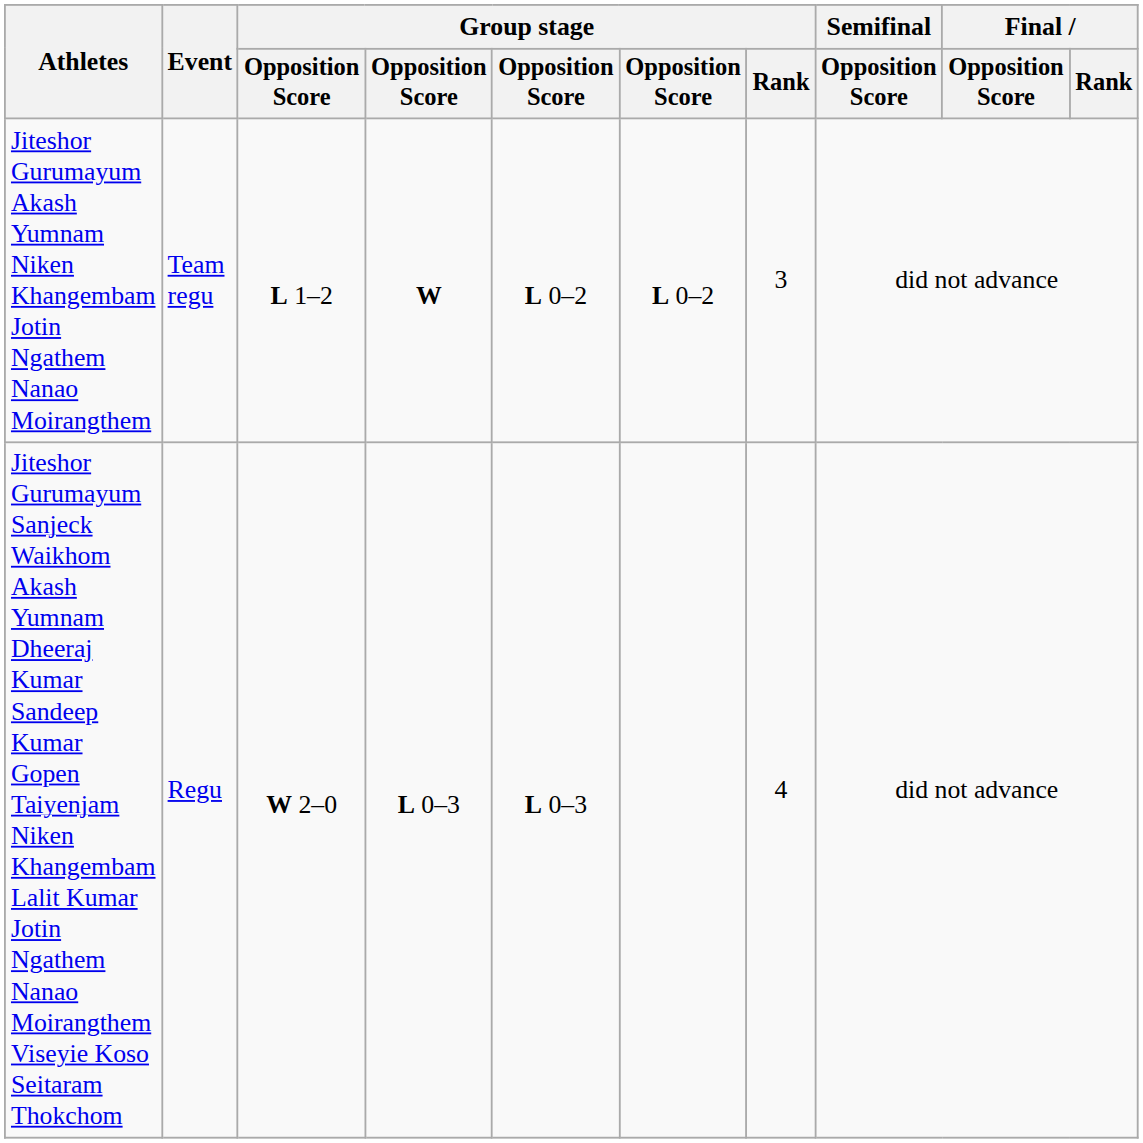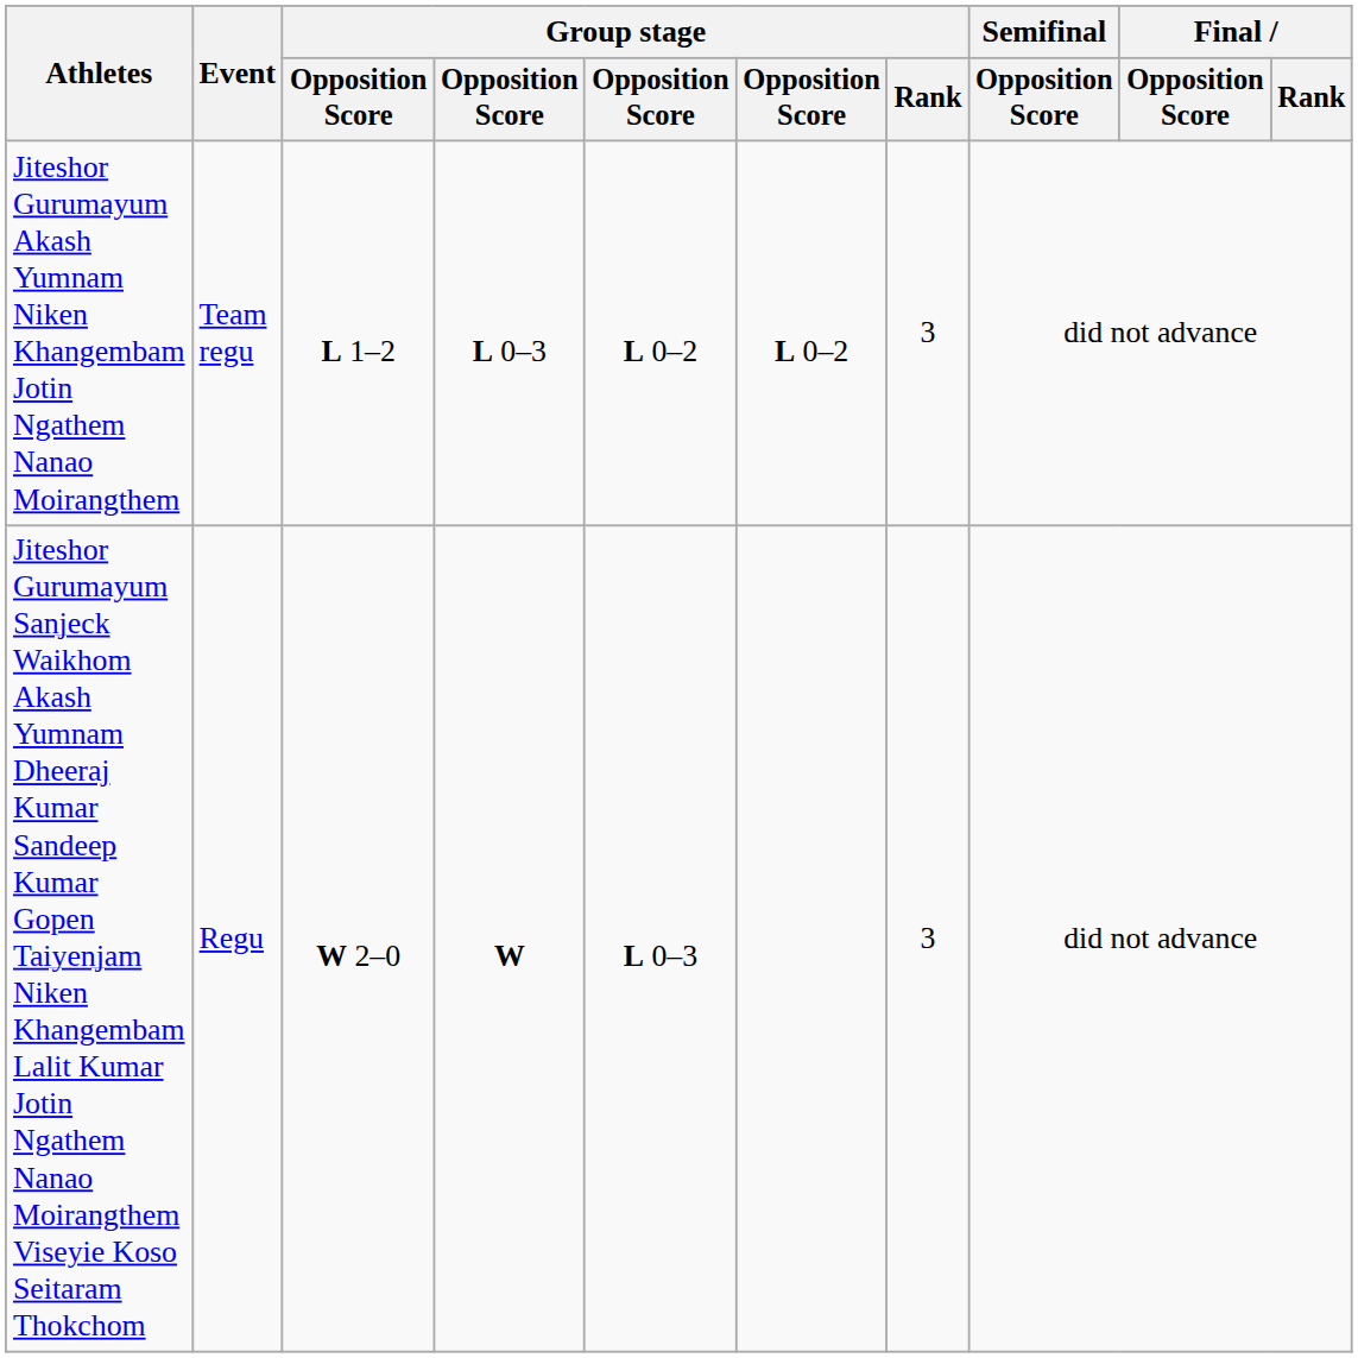 <table class=wikitable style=font-size:88%;text-align:center>
 <tr>
 <th rowspan=2>Athletes</th>
 <th rowspan=2>Event</th>
 <th colspan=5>Group stage</th>
 <th>Semifinal</th>
 <th colspan=2>Final / </th>
 </tr>
 <tr style=font-size:95%>
 <th>Opposition<br>Score</th>
 <th>Opposition<br>Score</th>
 <th>Opposition<br>Score</th>
 <th>Opposition<br>Score</th>
 <th>Rank</th>
 <th>Opposition<br>Score</th>
 <th>Opposition<br>Score</th>
 <th>Rank</th>
 </tr>
 <tr>
 <td align=left><a href='#'>Jiteshor Gurumayum</a><br><a href='#'>Akash Yumnam</a><br><a href='#'>Niken Khangembam</a><br><a href='#'>Jotin Ngathem</a><br><a href='#'>Nanao Moirangthem</a></td>
 <td align=left><a href='#'>Team regu</a></td>
 <td><br><strong>L</strong> 1–2</td>
-<td><br><strong>W</strong> </td>
+<td><br><strong>L</strong> 0–3</td>
 <td><br><strong>L</strong> 0–2</td>
 <td><br><strong>L</strong> 0–2</td>
 <td>3</td>
 <td colspan=3>did not advance</td>
 </tr>
 <tr>
 <td align=left><a href='#'>Jiteshor Gurumayum</a><br><a href='#'>Sanjeck Waikhom</a><br><a href='#'>Akash Yumnam</a><br><a href='#'>Dheeraj Kumar</a><br><a href='#'>Sandeep Kumar</a><br><a href='#'>Gopen Taiyenjam</a><br><a href='#'>Niken Khangembam</a><br><a href='#'>Lalit Kumar</a><br><a href='#'>Jotin Ngathem</a><br><a href='#'>Nanao Moirangthem</a><br><a href='#'>Viseyie Koso</a><br><a href='#'>Seitaram Thokchom</a></td>
 <td align=left><a href='#'>Regu</a></td>
 <td><br><strong>W</strong> 2–0</td>
-<td><br><strong>L</strong> 0–3</td>
+<td><br><strong>W</strong> </td>
 <td><br><strong>L</strong> 0–3</td>
 <td></td>
-<td>4</td>
+<td>3</td>
 <td colspan=3>did not advance</td>
 </tr>
 </table>
